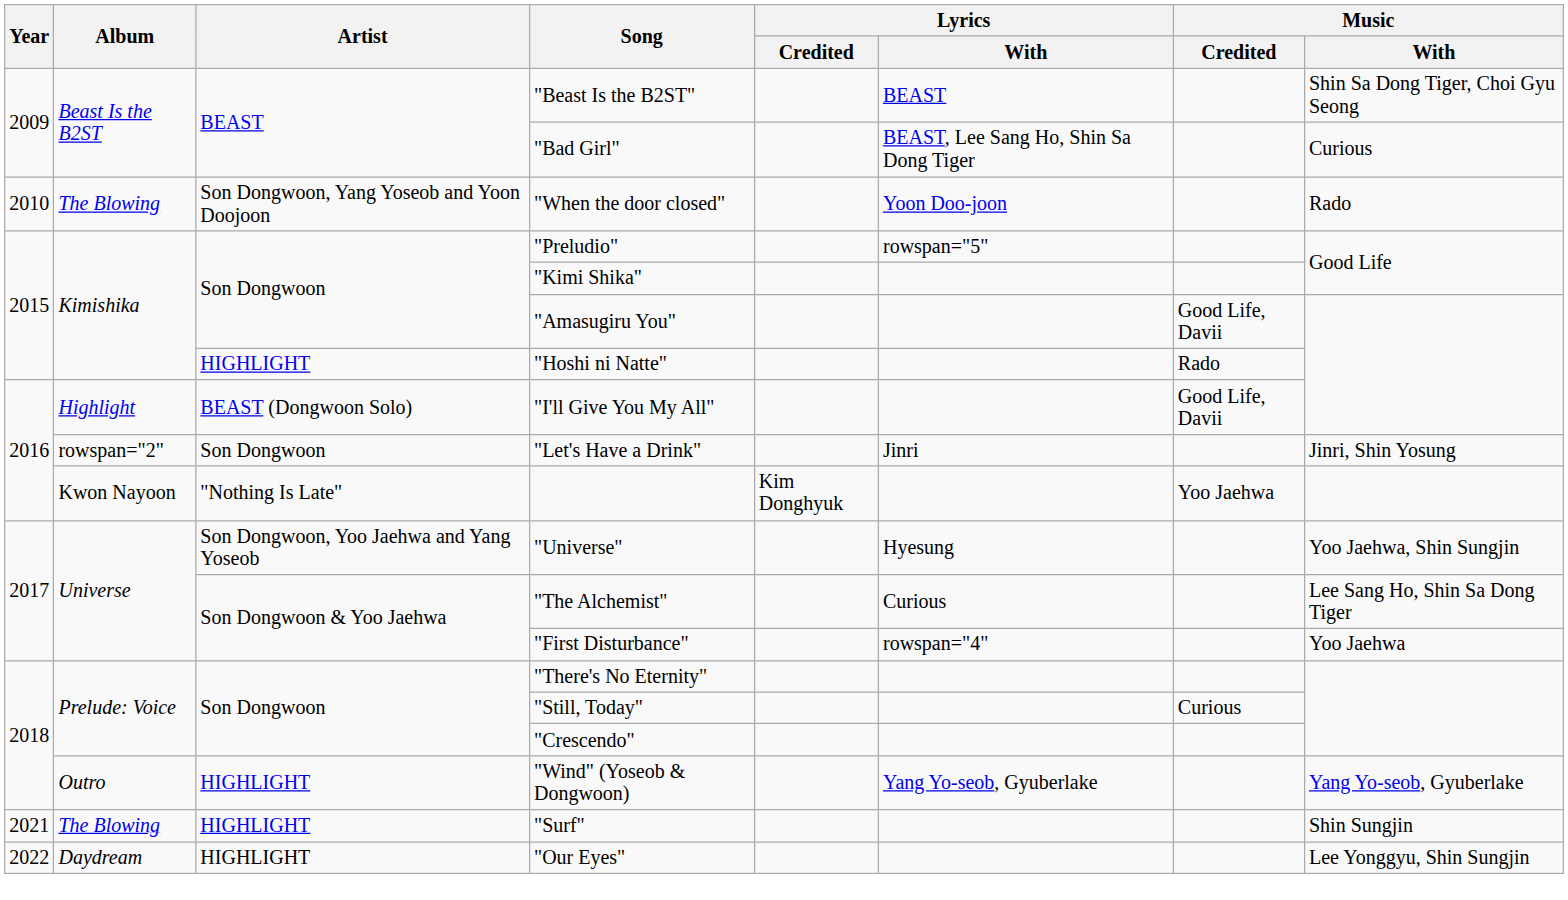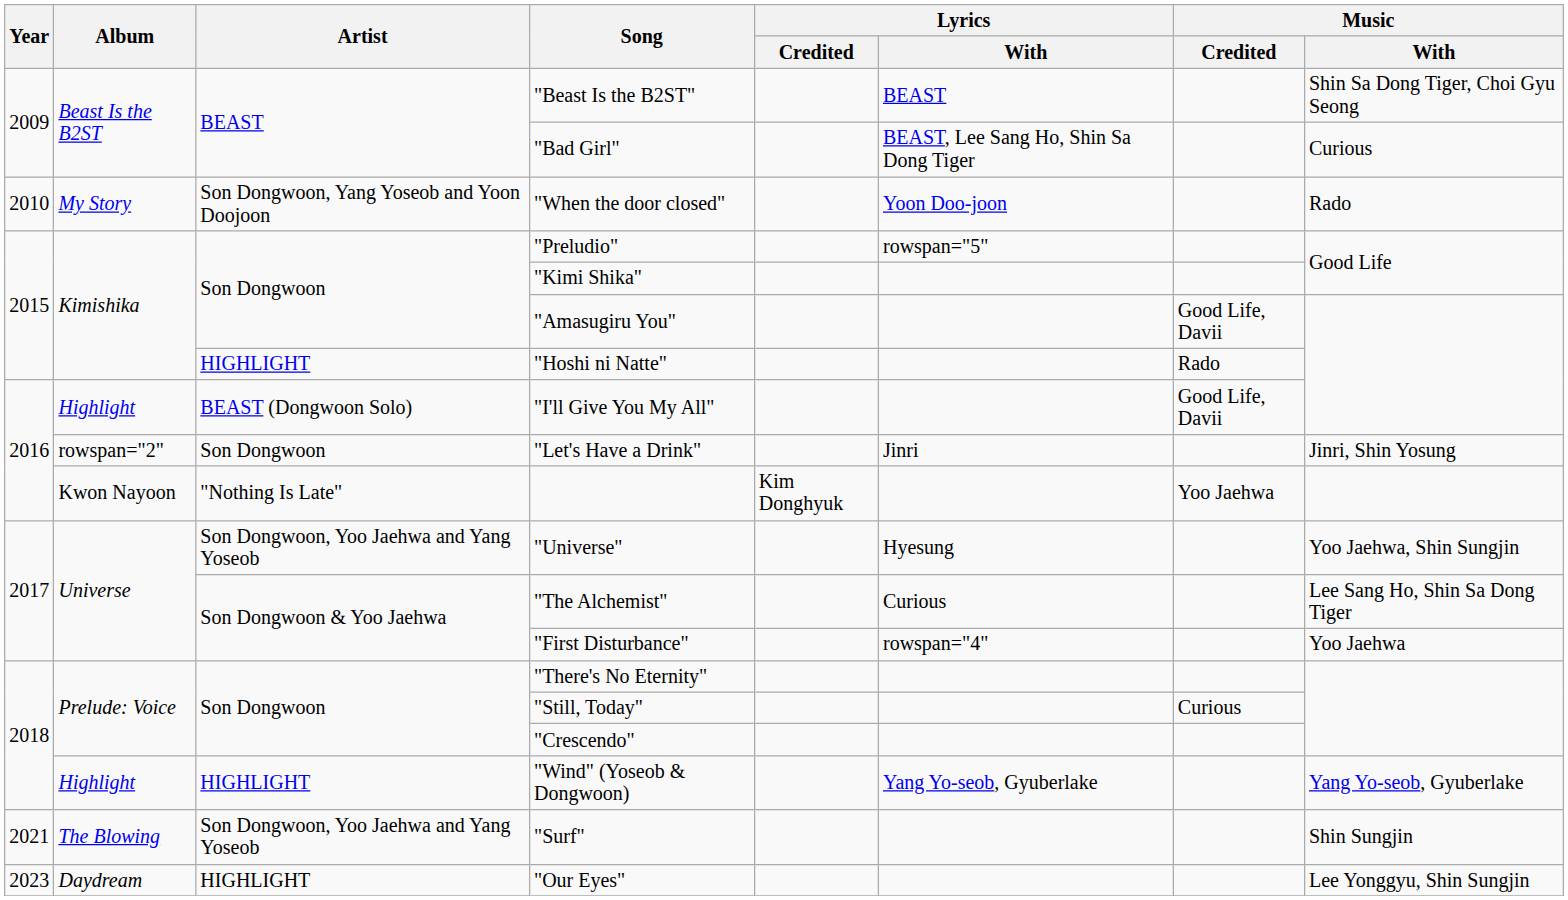 <table class="wikitable">
 <tr>
 <th rowspan="2">Year</th>
 <th rowspan="2">Album</th>
 <th rowspan="2">Artist</th>
 <th rowspan="2">Song</th>
 <th colspan="2">Lyrics</th>
 <th colspan="2">Music</th>
 </tr>
 <tr>
 <th>Credited</th>
 <th>With</th>
 <th>Credited</th>
 <th>With</th>
 </tr>
 <tr>
 <td rowspan="2">2009</td>
 <td rowspan="2"><em><a href='#'>Beast Is the B2ST</a></em></td>
 <td rowspan="2"><a href='#'>BEAST</a></td>
 <td>"Beast Is the B2ST"</td>
 <td></td>
 <td><a href='#'>BEAST</a></td>
 <td></td>
 <td>Shin Sa Dong Tiger, Choi Gyu Seong</td>
 </tr>
 <tr>
 <td>"Bad Girl"</td>
 <td></td>
 <td><a href='#'>BEAST</a>, Lee Sang Ho, Shin Sa Dong Tiger</td>
 <td></td>
 <td>Curious</td>
 </tr>
 <tr>
 <td>2010</td>
-<td><em><a href='#'>The Blowing</a></em></td>
+<td><em><a href='#'>My Story</a></em></td>
 <td>Son Dongwoon, Yang Yoseob and Yoon Doojoon</td>
 <td>"When the door closed"</td>
 <td></td>
 <td><a href='#'>Yoon Doo-joon</a></td>
 <td></td>
 <td>Rado</td>
 </tr>
 <tr>
 <td rowspan="4">2015</td>
 <td rowspan="4"><em>Kimishika</em></td>
 <td rowspan="3">Son Dongwoon</td>
 <td>"Preludio"</td>
 <td></td>
 <td>rowspan="5" </td>
 <td></td>
 <td rowspan="2">Good Life</td>
 </tr>
 <tr>
 <td>"Kimi Shika"</td>
 <td></td>
 <td></td>
 </tr>
 <tr>
 <td>"Amasugiru You"</td>
 <td></td>
 <td></td>
 <td>Good Life, Davii</td>
 </tr>
 <tr>
 <td><a href='#'>HIGHLIGHT</a></td>
 <td>"Hoshi ni Natte"</td>
 <td></td>
 <td></td>
 <td>Rado</td>
 </tr>
 <tr>
 <td rowspan="3">2016</td>
 <td><em><a href='#'>Highlight</a></em></td>
 <td><a href='#'>BEAST</a> (Dongwoon Solo)</td>
 <td>"I'll Give You My All"</td>
 <td></td>
 <td></td>
 <td>Good Life, Davii</td>
 </tr>
 <tr>
 <td>rowspan="2" </td>
 <td>Son Dongwoon</td>
 <td>"Let's Have a Drink"</td>
 <td></td>
 <td>Jinri</td>
 <td></td>
 <td>Jinri, Shin Yosung</td>
 </tr>
 <tr>
 <td>Kwon Nayoon</td>
 <td>"Nothing Is Late"</td>
 <td></td>
 <td>Kim Donghyuk</td>
 <td></td>
 <td>Yoo Jaehwa</td>
 </tr>
 <tr>
 <td rowspan="3">2017</td>
 <td rowspan="3"><em>Universe</em></td>
 <td>Son Dongwoon, Yoo Jaehwa and Yang Yoseob</td>
 <td>"Universe"</td>
 <td></td>
 <td>Hyesung</td>
 <td></td>
 <td>Yoo Jaehwa, Shin Sungjin</td>
 </tr>
 <tr>
 <td rowspan="2">Son Dongwoon & Yoo Jaehwa</td>
 <td>"The Alchemist"</td>
 <td></td>
 <td>Curious</td>
 <td></td>
 <td>Lee Sang Ho, Shin Sa Dong Tiger</td>
 </tr>
 <tr>
 <td>"First Disturbance"</td>
 <td></td>
 <td>rowspan="4" </td>
 <td></td>
 <td>Yoo Jaehwa</td>
 </tr>
 <tr>
 <td rowspan="4">2018</td>
 <td rowspan="3"><em>Prelude: Voice</em></td>
 <td rowspan="3">Son Dongwoon</td>
 <td>"There's No Eternity"</td>
 <td></td>
 <td></td>
 <td></td>
 </tr>
 <tr>
 <td>"Still, Today"</td>
 <td></td>
 <td></td>
 <td>Curious</td>
 </tr>
 <tr>
 <td>"Crescendo"</td>
 <td></td>
 <td></td>
 <td></td>
 </tr>
 <tr>
-<td><em>Outro</em></td>
+<td><em><a href='#'>Highlight</a></em></td>
 <td><a href='#'>HIGHLIGHT</a></td>
 <td>"Wind" (Yoseob & Dongwoon)</td>
 <td></td>
 <td><a href='#'>Yang Yo-seob</a>, Gyuberlake</td>
 <td></td>
 <td><a href='#'>Yang Yo-seob</a>, Gyuberlake</td>
 </tr>
 <tr>
 <td>2021</td>
 <td><em><a href='#'>The Blowing</a></em></td>
-<td><a href='#'>HIGHLIGHT</a></td>
+<td>Son Dongwoon, Yoo Jaehwa and Yang Yoseob</td>
 <td>"Surf"</td>
 <td></td>
 <td></td>
 <td></td>
 <td>Shin Sungjin</td>
 </tr>
 <tr>
-<td>2022</td>
+<td>2023</td>
 <td><em>Daydream</em></td>
 <td>HIGHLIGHT</td>
 <td>"Our Eyes"</td>
 <td></td>
 <td></td>
 <td></td>
 <td>Lee Yonggyu, Shin Sungjin</td>
 </tr>
 </table>
